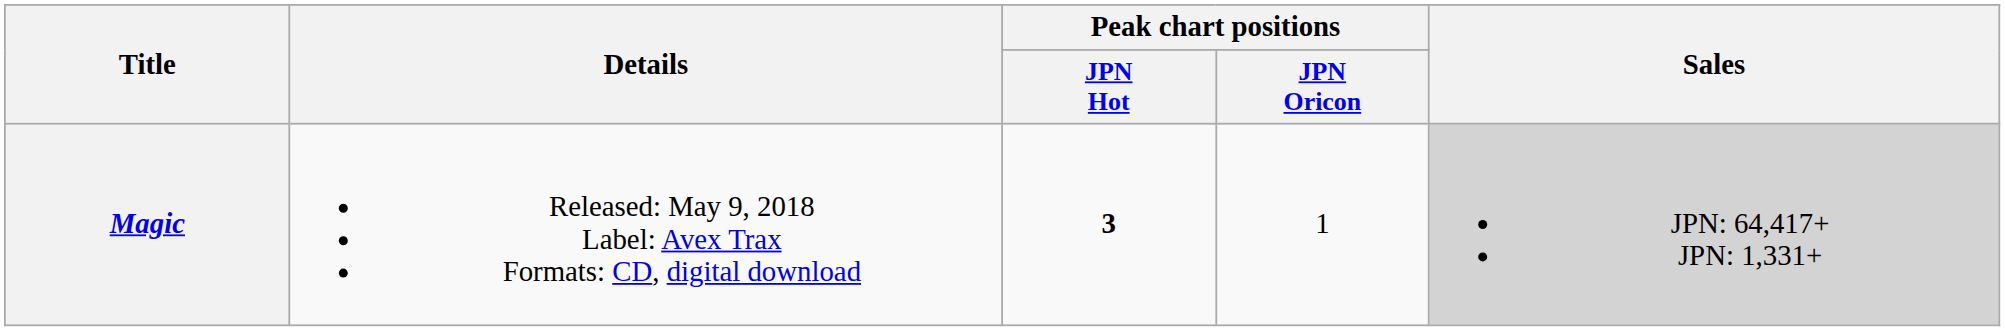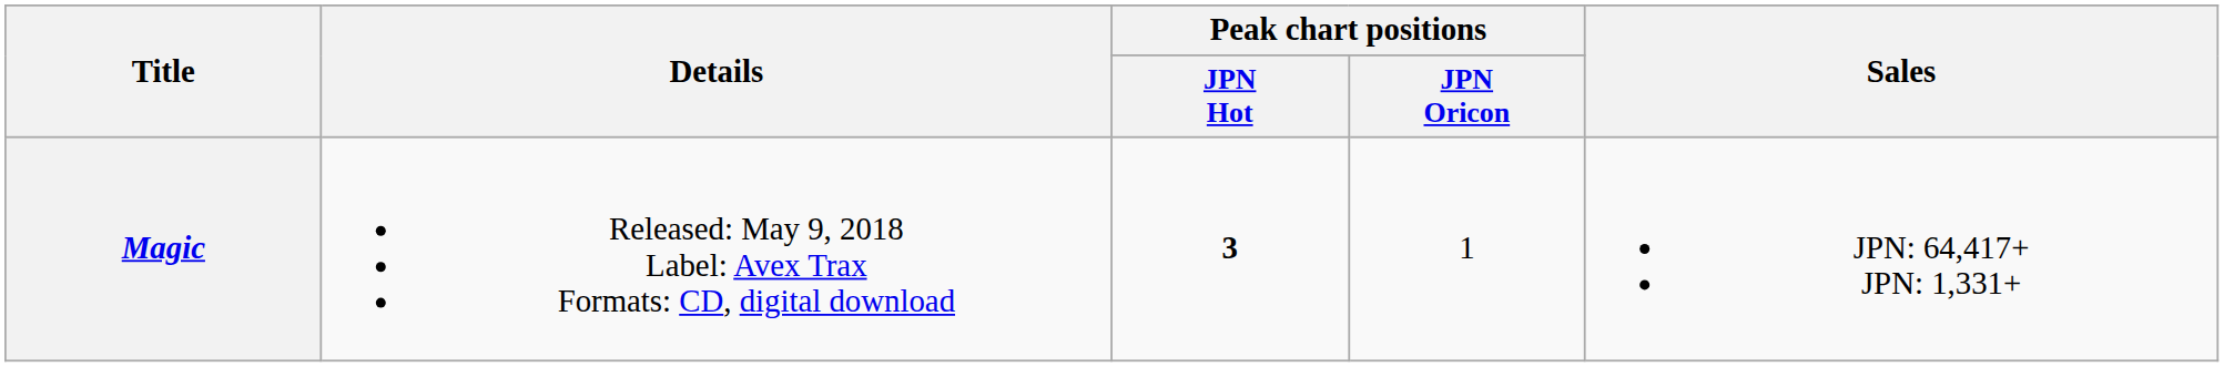 <table class="wikitable plainrowheaders" style="text-align:center; width:70%">
 <tr>
 <th rowspan="2" style="width:10%">Title</th>
 <th rowspan="2" style="width:25%">Details</th>
 <th colspan="2" style="width:15%">Peak chart positions</th>
 <th rowspan="2" style="width:20%">Sales</th>
 </tr>
 <tr>
 <th scope="col" style="width:3em;font-size:90%"><a href='#'>JPN<br>Hot</a><br></th>
 <th scope="col" style="width:3em;font-size:90%"><a href='#'>JPN<br>Oricon</a><br></th>
 </tr>
 <tr>
 <th scope="row"><em><a href='#'>Magic</a></em></th>
 <td><br><ul><li>Released: May 9, 2018 </li><li>Label: <a href='#'>Avex Trax</a></li><li>Formats: <a href='#'>CD</a>, <a href='#'>digital download</a></li></ul></td>
 <td><strong>3</strong></td>
 <td>1</td>
-<td style="background: lightgrey;"><br><ul><li>JPN: 64,417+ </li><li>JPN: 1,331+ </li></ul></td>
+<td><br><ul><li>JPN: 64,417+ </li><li>JPN: 1,331+ </li></ul></td>
 </tr>
 </table>
